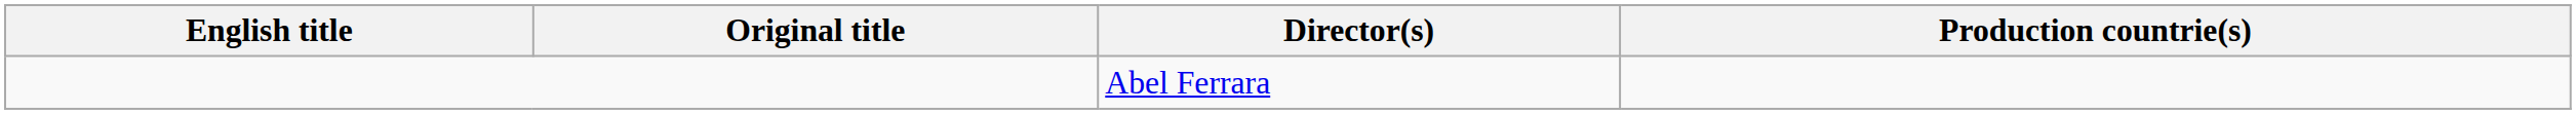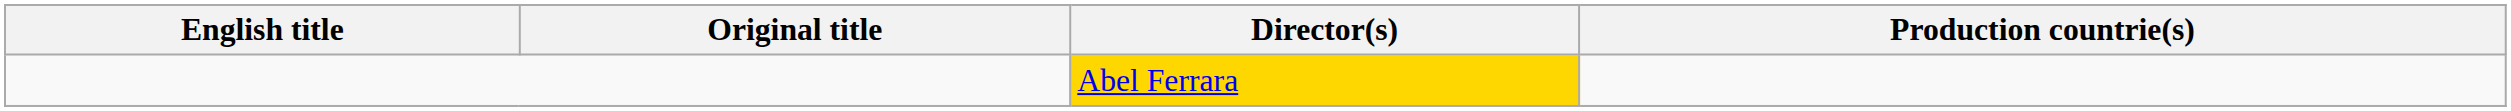 <table class="sortable wikitable" style="width:100%; margin-bottom:4px" cellpadding="5">
 <tr>
 <th scope="col">English title</th>
 <th scope="col">Original title</th>
 <th scope="col">Director(s)</th>
 <th scope="col">Production countrie(s)</th>
 </tr>
 <tr>
 <td colspan = "2"></td>
-<td><a href='#'>Abel Ferrara</a></td>
+<td style="background: gold;"><a href='#'>Abel Ferrara</a></td>
 <td></td>
 </tr>
 </table>
